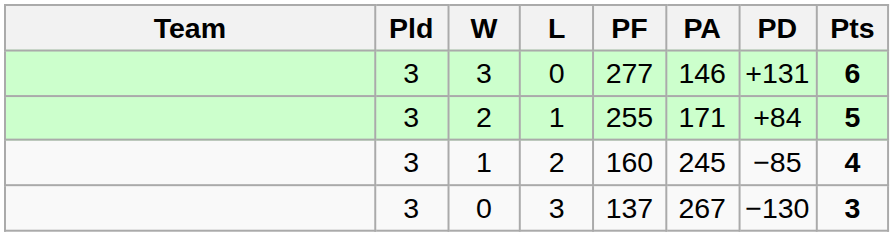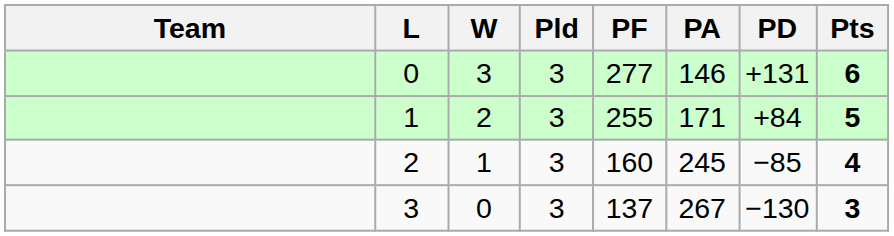 <table class=wikitable style="text-align:center; font-size:90%">
 <tr>
 <th width=180>Team</th>
+<th width=30>L</th>
+<th width=30>W</th>
 <th width=30>Pld</th>
-<th width=30>W</th>
-<th width=30>L</th>
 <th width=30>PF</th>
 <th width=30>PA</th>
 <th width=30>PD</th>
 <th width=30>Pts</th>
 </tr>
 <tr style="background:#cfc;">
 <td style="text-align:left"></td>
+<td>0</td>
 <td>3</td>
 <td>3</td>
-<td>0</td>
 <td>277</td>
 <td>146</td>
 <td>+131</td>
 <td><strong>6</strong></td>
 </tr>
 <tr style="background:#cfc;">
 <td style="text-align:left"></td>
+<td>1</td>
+<td>2</td>
 <td>3</td>
-<td>2</td>
-<td>1</td>
 <td>255</td>
 <td>171</td>
 <td>+84</td>
 <td><strong>5</strong></td>
 </tr>
 <tr>
 <td style="text-align:left"></td>
+<td>2</td>
+<td>1</td>
 <td>3</td>
-<td>1</td>
-<td>2</td>
 <td>160</td>
 <td>245</td>
 <td>−85</td>
 <td><strong>4</strong></td>
 </tr>
 <tr>
 <td style="text-align:left"></td>
 <td>3</td>
 <td>0</td>
 <td>3</td>
 <td>137</td>
 <td>267</td>
 <td>−130</td>
 <td><strong>3</strong></td>
 </tr>
 </table>
